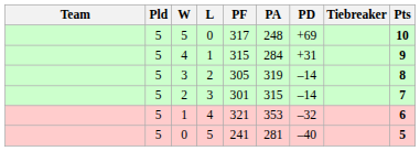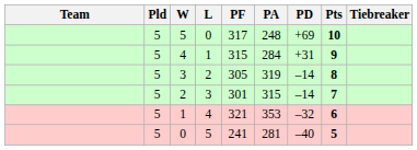 <table class="wikitable" style="text-align:center;">
 <tr>
 <th width=170>Team</th>
 <th width=25>Pld</th>
 <th width=25>W</th>
 <th width=25>L</th>
 <th width=35>PF</th>
 <th width=35>PA</th>
 <th width=35>PD</th>
+<th width=25>Pts</th>
 <th width=50>Tiebreaker</th>
-<th width=25>Pts</th>
 </tr>
 <tr bgcolor=ccffcc>
 <td align="left"></td>
 <td>5</td>
 <td>5</td>
 <td>0</td>
 <td>317</td>
 <td>248</td>
 <td>+69</td>
+<td><strong>10</strong></td>
 <td></td>
-<td><strong>10</strong></td>
 </tr>
 <tr bgcolor=ccffcc>
 <td align="left"></td>
 <td>5</td>
 <td>4</td>
 <td>1</td>
 <td>315</td>
 <td>284</td>
 <td>+31</td>
+<td><strong>9</strong></td>
 <td></td>
-<td><strong>9</strong></td>
 </tr>
 <tr bgcolor=ccffcc>
 <td align="left"></td>
 <td>5</td>
 <td>3</td>
 <td>2</td>
 <td>305</td>
 <td>319</td>
 <td>–14</td>
+<td><strong>8</strong></td>
 <td></td>
-<td><strong>8</strong></td>
 </tr>
 <tr bgcolor=ccffcc>
 <td align="left"></td>
 <td>5</td>
 <td>2</td>
 <td>3</td>
 <td>301</td>
 <td>315</td>
 <td>–14</td>
+<td><strong>7</strong></td>
 <td></td>
-<td><strong>7</strong></td>
 </tr>
 <tr bgcolor=ffcccc>
 <td align="left"></td>
 <td>5</td>
 <td>1</td>
 <td>4</td>
 <td>321</td>
 <td>353</td>
 <td>–32</td>
+<td><strong>6</strong></td>
 <td></td>
-<td><strong>6</strong></td>
 </tr>
 <tr bgcolor=ffcccc>
 <td align="left"></td>
 <td>5</td>
 <td>0</td>
 <td>5</td>
 <td>241</td>
 <td>281</td>
 <td>–40</td>
+<td><strong>5</strong></td>
 <td></td>
-<td><strong>5</strong></td>
 </tr>
 </table>
